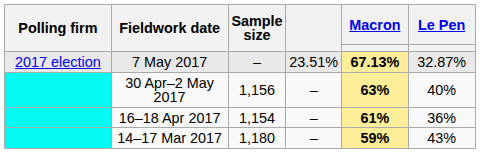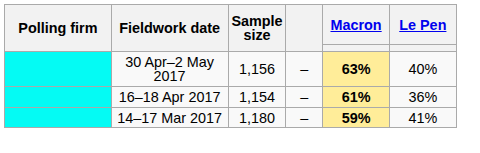 <table class="wikitable sortable" style="text-align:center;font-size:90%;line-height:14px;">
 <tr style="height:40px;">
 <th style="width:100px;" rowspan="2">Polling firm</th>
 <th style="width:110px;" rowspan="2">Fieldwork date</th>
 <th style="width:35px;" rowspan="2">Sample<br>size</th>
 <th style="width:30px;" rowspan="2"></th>
 <th class="unsortable" style="width:60px;"><a href='#'>Macron</a><br></th>
 <th class="unsortable" style="width:60px;"><a href='#'>Le Pen</a><br></th>
 </tr>
 <tr>
 <th style="background:"></th>
 <th style="background:"></th>
-</tr>
-<tr style="background:#E9E9E9;">
-<td><a href='#'>2017 election</a></td>
-<td data-sort-value="2017-05-07">7 May 2017</td>
-<td>–</td>
-<td>23.51%</td>
-<td style="background:#FFED99;"><strong>67.13%</strong></td>
-<td>32.87%</td>
 </tr>
 <tr>
 <td style="background:#04FBF4;"></td>
 <td data-sort-value="2017-05-02">30 Apr–2 May 2017</td>
 <td>1,156</td>
 <td>–</td>
 <td style="background:#FFED99;"><strong>63%</strong></td>
 <td>40%</td>
 </tr>
 <tr>
 <td style="background:#04FBF4;"></td>
 <td data-sort-value="2017-04-18">16–18 Apr 2017</td>
 <td>1,154</td>
 <td>–</td>
 <td style="background:#FFED99;"><strong>61%</strong></td>
 <td>36%</td>
 </tr>
 <tr>
 <td style="background:#04FBF4;"></td>
 <td data-sort-value="2017-03-17">14–17 Mar 2017</td>
 <td>1,180</td>
 <td>–</td>
 <td style="background:#FFED99;"><strong>59%</strong></td>
-<td>43%</td>
+<td>41%</td>
 </tr>
 </table>
